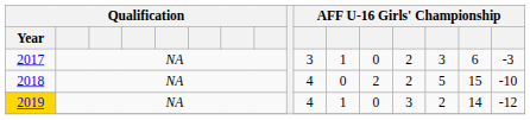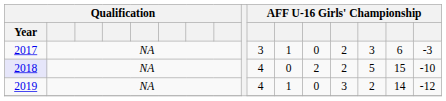 <table class="wikitable" style="text-align: center;">
 <tr>
 <th colspan=8>Qualification</th>
 <th style="width:1%;" rowspan="22"></th>
 <th colspan=7>AFF U-16 Girls' Championship</th>
 </tr>
 <tr>
 <th width=50>Year</th>
 <th width=30></th>
 <th width=30></th>
 <th width=30></th>
 <th width=30></th>
 <th width=30></th>
 <th width=30></th>
 <th width=30></th>
 <th width=30></th>
 <th width=30></th>
 <th width=30></th>
 <th width=30></th>
 <th width=30></th>
 <th width=30></th>
 <th width=30></th>
 </tr>
 <tr>
 <td> <a href='#'>2017</a></td>
 <td colspan=8><em>NA</em></td>
 <td>3</td>
 <td>1</td>
 <td>0</td>
 <td>2</td>
 <td>3</td>
 <td>6</td>
 <td>-3</td>
 </tr>
 <tr>
-<td> <a href='#'>2018</a></td>
+<td style="background: lavender;"> <a href='#'>2018</a></td>
 <td colspan=8><em>NA</em></td>
 <td>4</td>
 <td>0</td>
 <td>2</td>
 <td>2</td>
 <td>5</td>
 <td>15</td>
 <td>-10</td>
 </tr>
 <tr>
-<td style="background: gold;"> <a href='#'>2019</a></td>
+<td> <a href='#'>2019</a></td>
 <td colspan=8><em>NA</em></td>
 <td>4</td>
 <td>1</td>
 <td>0</td>
 <td>3</td>
 <td>2</td>
 <td>14</td>
 <td>-12</td>
 </tr>
 <tr>
 </tr>
 </table>
